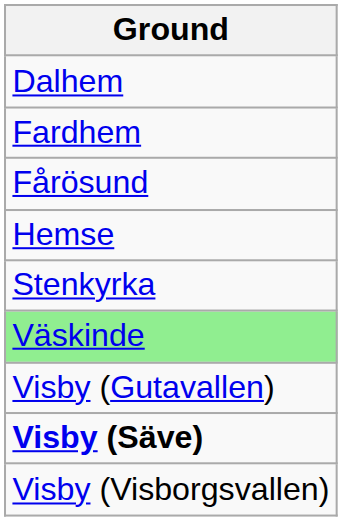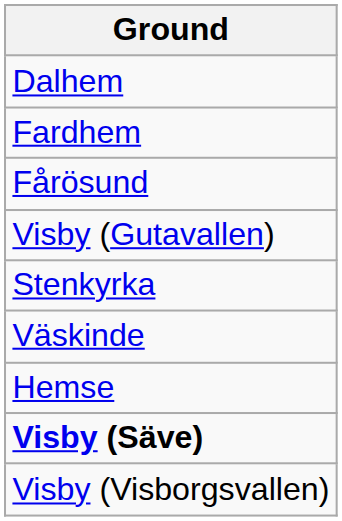 <table class="wikitable">
 <tr>
 <th>Ground</th>
 </tr>
 <tr>
 <td><a href='#'>Dalhem</a></td>
 </tr>
 <tr>
 <td><a href='#'>Fardhem</a></td>
 </tr>
 <tr>
 <td><a href='#'>Fårösund</a></td>
 </tr>
 <tr>
-<td><a href='#'>Hemse</a></td>
+<td><a href='#'>Visby</a> (<a href='#'>Gutavallen</a>)</td>
 </tr>
 <tr>
 <td><a href='#'>Stenkyrka</a></td>
 </tr>
 <tr>
-<td style="background: lightgreen;"><a href='#'>Väskinde</a></td>
+<td><a href='#'>Väskinde</a></td>
 </tr>
 <tr>
-<td><a href='#'>Visby</a> (<a href='#'>Gutavallen</a>)</td>
+<td><a href='#'>Hemse</a></td>
 </tr>
 <tr>
 <td><strong><a href='#'>Visby</a> (Säve)</strong></td>
 </tr>
 <tr>
 <td><a href='#'>Visby</a> (Visborgsvallen)</td>
 </tr>
 </table>
